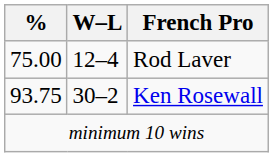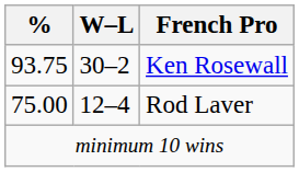 <table class=wikitable style="display:inline-table;">
 <tr>
 <th>%</th>
 <th>W–L</th>
 <th>French Pro</th>
 </tr>
 <tr>
+<td>93.75</td>
+<td>30–2</td>
+<td> <a href='#'>Ken Rosewall</a></td>
+</tr>
+<tr>
 <td>75.00</td>
 <td>12–4</td>
 <td> Rod Laver</td>
 </tr>
 <tr>
-<td>93.75</td>
-<td>30–2</td>
-<td> <a href='#'>Ken Rosewall</a></td>
-</tr>
-<tr>
 <td colspan="3" style="text-align: center;"><small><em>minimum 10 wins</em></small></td>
 </tr>
 </table>
